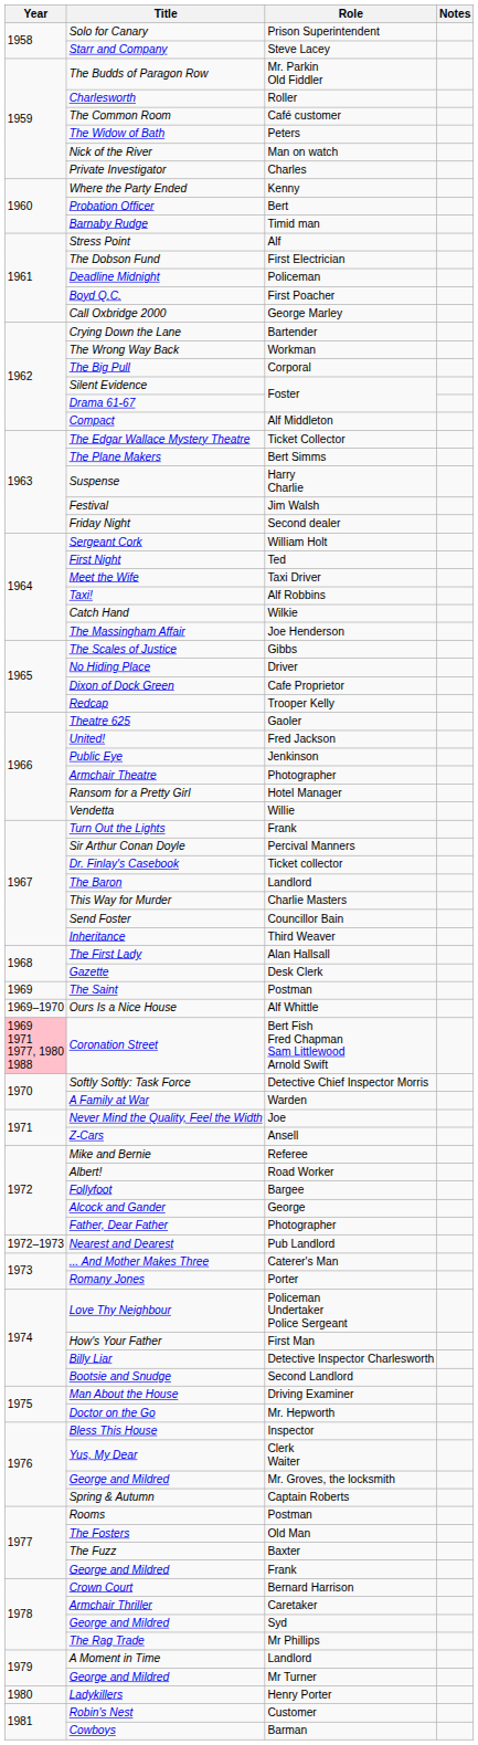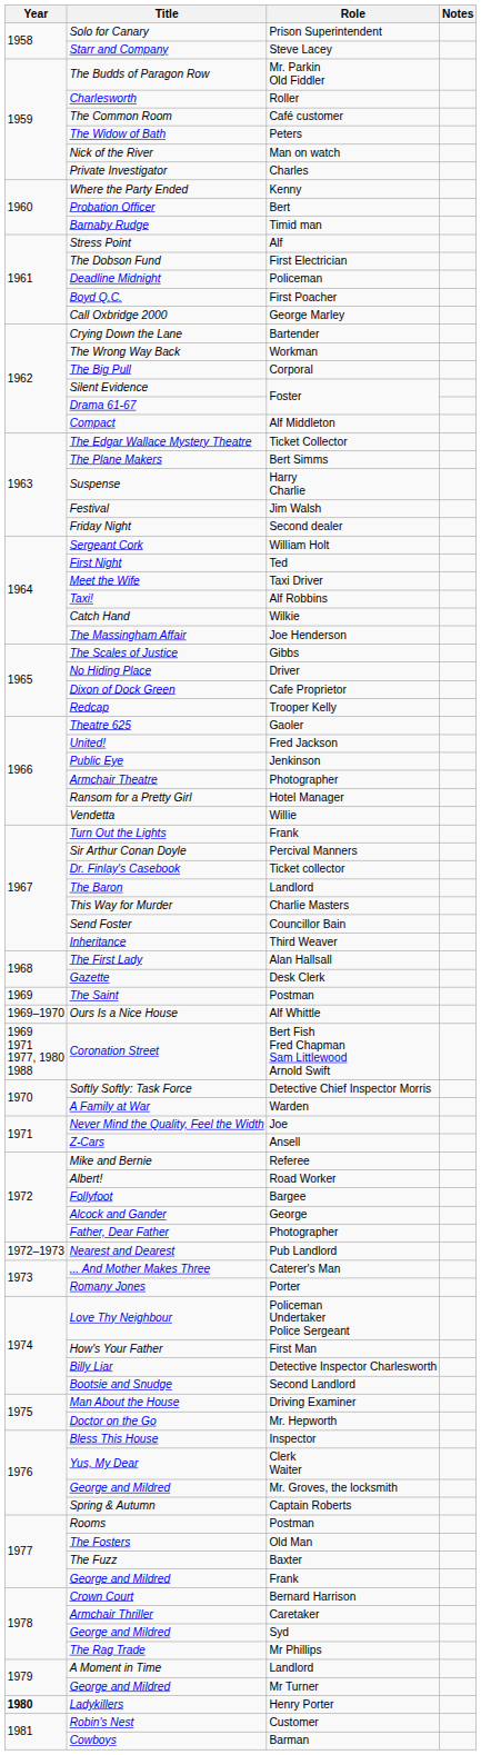 <table class="wikitable">
 <tr>
 <th>Year</th>
 <th>Title</th>
 <th>Role</th>
 <th>Notes</th>
 </tr>
 <tr>
 <td rowspan="2">1958</td>
 <td><em>Solo for Canary</em></td>
 <td>Prison Superintendent</td>
 <td></td>
 </tr>
 <tr>
 <td><em><a href='#'>Starr and Company</a></em></td>
 <td>Steve Lacey</td>
 <td></td>
 </tr>
 <tr>
 <td rowspan="6">1959</td>
 <td><em>The Budds of Paragon Row </em></td>
 <td>Mr. Parkin<br>Old Fiddler</td>
 <td></td>
 </tr>
 <tr>
 <td><em><a href='#'>Charlesworth</a></em></td>
 <td>Roller</td>
 <td></td>
 </tr>
 <tr>
 <td><em>The Common Room</em></td>
 <td>Café customer</td>
 <td></td>
 </tr>
 <tr>
 <td><em><a href='#'>The Widow of Bath</a></em></td>
 <td>Peters</td>
 <td></td>
 </tr>
 <tr>
 <td><em>Nick of the River</em></td>
 <td>Man on watch</td>
 <td></td>
 </tr>
 <tr>
 <td><em>Private Investigator</em></td>
 <td>Charles</td>
 <td></td>
 </tr>
 <tr>
 <td rowspan="3">1960</td>
 <td><em>Where the Party Ended</em></td>
 <td>Kenny</td>
 <td></td>
 </tr>
 <tr>
 <td><em><a href='#'>Probation Officer</a></em></td>
 <td>Bert</td>
 <td></td>
 </tr>
 <tr>
 <td><em><a href='#'>Barnaby Rudge</a></em></td>
 <td>Timid man</td>
 <td></td>
 </tr>
 <tr>
 <td rowspan="5">1961</td>
 <td><em>Stress Point</em></td>
 <td>Alf</td>
 <td></td>
 </tr>
 <tr>
 <td><em>The Dobson Fund</em></td>
 <td>First Electrician</td>
 <td></td>
 </tr>
 <tr>
 <td><em><a href='#'>Deadline Midnight</a></em></td>
 <td>Policeman</td>
 <td></td>
 </tr>
 <tr>
 <td><em><a href='#'>Boyd Q.C.</a></em></td>
 <td>First Poacher</td>
 <td></td>
 </tr>
 <tr>
 <td><em>Call Oxbridge 2000</em></td>
 <td>George Marley</td>
 <td></td>
 </tr>
 <tr>
 <td rowspan="6">1962</td>
 <td><em>Crying Down the Lane</em></td>
 <td>Bartender</td>
 <td></td>
 </tr>
 <tr>
 <td><em>The Wrong Way Back</em></td>
 <td>Workman</td>
 <td></td>
 </tr>
 <tr>
 <td><em><a href='#'>The Big Pull</a></em></td>
 <td>Corporal</td>
 <td></td>
 </tr>
 <tr>
 <td><em>Silent Evidence</em></td>
 <td rowspan="2">Foster</td>
 <td></td>
 </tr>
 <tr>
 <td><em><a href='#'>Drama 61-67</a></em></td>
 <td></td>
 </tr>
 <tr>
 <td><em><a href='#'>Compact</a></em></td>
 <td>Alf Middleton</td>
 <td></td>
 </tr>
 <tr>
 <td rowspan="5">1963</td>
 <td><em><a href='#'>The Edgar Wallace Mystery Theatre</a></em></td>
 <td>Ticket Collector</td>
 <td></td>
 </tr>
 <tr>
 <td><em><a href='#'>The Plane Makers</a></em></td>
 <td>Bert Simms</td>
 <td></td>
 </tr>
 <tr>
 <td><em>Suspense</em></td>
 <td>Harry<br>Charlie</td>
 <td></td>
 </tr>
 <tr>
 <td><em>Festival</em></td>
 <td>Jim Walsh</td>
 <td></td>
 </tr>
 <tr>
 <td><em>Friday Night</em></td>
 <td>Second dealer</td>
 <td></td>
 </tr>
 <tr>
 <td rowspan="6">1964</td>
 <td><em><a href='#'>Sergeant Cork</a></em></td>
 <td>William Holt</td>
 <td></td>
 </tr>
 <tr>
 <td><em><a href='#'>First Night</a></em></td>
 <td>Ted</td>
 <td></td>
 </tr>
 <tr>
 <td><em><a href='#'>Meet the Wife</a></em></td>
 <td>Taxi Driver</td>
 <td></td>
 </tr>
 <tr>
 <td><em><a href='#'>Taxi!</a></em></td>
 <td>Alf Robbins</td>
 <td></td>
 </tr>
 <tr>
 <td><em>Catch Hand</em></td>
 <td>Wilkie</td>
 <td></td>
 </tr>
 <tr>
 <td><em><a href='#'>The Massingham Affair</a></em></td>
 <td>Joe Henderson</td>
 <td></td>
 </tr>
 <tr>
 <td rowspan="4">1965</td>
 <td><em><a href='#'>The Scales of Justice</a></em></td>
 <td>Gibbs</td>
 <td></td>
 </tr>
 <tr>
 <td><em><a href='#'>No Hiding Place</a></em></td>
 <td>Driver</td>
 <td></td>
 </tr>
 <tr>
 <td><em><a href='#'>Dixon of Dock Green</a></em></td>
 <td>Cafe Proprietor</td>
 <td></td>
 </tr>
 <tr>
 <td><em><a href='#'>Redcap</a></em></td>
 <td>Trooper Kelly</td>
 <td></td>
 </tr>
 <tr>
 <td rowspan="6">1966</td>
 <td><em><a href='#'>Theatre 625</a></em></td>
 <td>Gaoler</td>
 <td></td>
 </tr>
 <tr>
 <td><em><a href='#'>United!</a></em></td>
 <td>Fred Jackson</td>
 <td></td>
 </tr>
 <tr>
 <td><em><a href='#'>Public Eye</a></em></td>
 <td>Jenkinson</td>
 <td></td>
 </tr>
 <tr>
 <td><em><a href='#'>Armchair Theatre</a></em></td>
 <td>Photographer</td>
 <td></td>
 </tr>
 <tr>
 <td><em>Ransom for a Pretty Girl</em></td>
 <td>Hotel Manager</td>
 <td></td>
 </tr>
 <tr>
 <td><em>Vendetta</em></td>
 <td>Willie</td>
 <td></td>
 </tr>
 <tr>
 <td rowspan="7">1967</td>
 <td><em><a href='#'>Turn Out the Lights</a></em></td>
 <td>Frank</td>
 <td></td>
 </tr>
 <tr>
 <td><em>Sir Arthur Conan Doyle</em></td>
 <td>Percival Manners</td>
 <td></td>
 </tr>
 <tr>
 <td><em><a href='#'>Dr. Finlay's Casebook</a></em></td>
 <td>Ticket collector</td>
 <td></td>
 </tr>
 <tr>
 <td><em><a href='#'>The Baron</a></em></td>
 <td>Landlord</td>
 <td></td>
 </tr>
 <tr>
 <td><em>This Way for Murder</em></td>
 <td>Charlie Masters</td>
 <td></td>
 </tr>
 <tr>
 <td><em>Send Foster</em></td>
 <td>Councillor Bain</td>
 <td></td>
 </tr>
 <tr>
 <td><em><a href='#'>Inheritance</a></em></td>
 <td>Third Weaver</td>
 <td></td>
 </tr>
 <tr>
 <td rowspan="2">1968</td>
 <td><em><a href='#'>The First Lady</a></em></td>
 <td>Alan Hallsall</td>
 <td></td>
 </tr>
 <tr>
 <td><em><a href='#'>Gazette</a></em></td>
 <td>Desk Clerk</td>
 <td></td>
 </tr>
 <tr>
 <td>1969</td>
 <td><em><a href='#'>The Saint</a></em></td>
 <td>Postman</td>
 <td></td>
 </tr>
 <tr>
 <td>1969–1970</td>
 <td><em>Ours Is a Nice House</em></td>
 <td>Alf Whittle</td>
 <td></td>
 </tr>
 <tr>
-<td style="background: pink;">1969<br>1971<br>1977, 1980<br>1988</td>
+<td>1969<br>1971<br>1977, 1980<br>1988</td>
 <td><em><a href='#'>Coronation Street</a></em></td>
 <td>Bert Fish<br>Fred Chapman<br><a href='#'>Sam Littlewood</a><br>Arnold Swift</td>
 <td></td>
 </tr>
 <tr>
 <td rowspan="2">1970</td>
 <td><em>Softly Softly: Task Force</em></td>
 <td>Detective Chief Inspector Morris</td>
 <td></td>
 </tr>
 <tr>
 <td><em><a href='#'>A Family at War</a></em></td>
 <td>Warden</td>
 <td></td>
 </tr>
 <tr>
 <td rowspan="2">1971</td>
 <td><em><a href='#'>Never Mind the Quality, Feel the Width</a></em></td>
 <td>Joe</td>
 <td></td>
 </tr>
 <tr>
 <td><em><a href='#'>Z-Cars</a></em></td>
 <td>Ansell</td>
 <td></td>
 </tr>
 <tr>
 <td rowspan="5">1972</td>
 <td><em>Mike and Bernie</em></td>
 <td>Referee</td>
 <td></td>
 </tr>
 <tr>
 <td><em>Albert!</em></td>
 <td>Road Worker</td>
 <td></td>
 </tr>
 <tr>
 <td><em><a href='#'>Follyfoot</a></em></td>
 <td>Bargee</td>
 <td></td>
 </tr>
 <tr>
 <td><em><a href='#'>Alcock and Gander</a></em></td>
 <td>George</td>
 <td></td>
 </tr>
 <tr>
 <td><em><a href='#'>Father, Dear Father</a></em></td>
 <td>Photographer</td>
 <td></td>
 </tr>
 <tr>
 <td>1972–1973</td>
 <td><em><a href='#'>Nearest and Dearest</a></em></td>
 <td>Pub Landlord</td>
 <td></td>
 </tr>
 <tr>
 <td rowspan="2">1973</td>
 <td><em><a href='#'>... And Mother Makes Three</a></em></td>
 <td>Caterer's Man</td>
 <td></td>
 </tr>
 <tr>
 <td><em><a href='#'>Romany Jones</a></em></td>
 <td>Porter</td>
 <td></td>
 </tr>
 <tr>
 <td rowspan="4">1974</td>
 <td><em><a href='#'>Love Thy Neighbour</a></em></td>
 <td>Policeman<br>Undertaker<br>Police Sergeant</td>
 <td></td>
 </tr>
 <tr>
 <td><em>How's Your Father</em></td>
 <td>First Man</td>
 <td></td>
 </tr>
 <tr>
 <td><em><a href='#'>Billy Liar</a></em></td>
 <td>Detective Inspector Charlesworth</td>
 <td></td>
 </tr>
 <tr>
 <td><em><a href='#'>Bootsie and Snudge</a></em></td>
 <td>Second Landlord</td>
 <td></td>
 </tr>
 <tr>
 <td rowspan="2">1975</td>
 <td><em><a href='#'>Man About the House</a></em></td>
 <td>Driving Examiner</td>
 <td></td>
 </tr>
 <tr>
 <td><em><a href='#'>Doctor on the Go</a></em></td>
 <td>Mr. Hepworth</td>
 <td></td>
 </tr>
 <tr>
 <td rowspan="4">1976</td>
 <td><em><a href='#'>Bless This House</a></em></td>
 <td>Inspector</td>
 <td></td>
 </tr>
 <tr>
 <td><em><a href='#'>Yus, My Dear</a></em></td>
 <td>Clerk<br>Waiter</td>
 <td></td>
 </tr>
 <tr>
 <td><em><a href='#'>George and Mildred</a></em></td>
 <td>Mr. Groves, the locksmith</td>
 <td></td>
 </tr>
 <tr>
 <td><em>Spring & Autumn</em></td>
 <td>Captain Roberts</td>
 <td></td>
 </tr>
 <tr>
 <td rowspan="4">1977</td>
 <td><em>Rooms</em></td>
 <td>Postman</td>
 <td></td>
 </tr>
 <tr>
 <td><em><a href='#'>The Fosters</a></em></td>
 <td>Old Man</td>
 <td></td>
 </tr>
 <tr>
 <td><em>The Fuzz</em></td>
 <td>Baxter</td>
 <td></td>
 </tr>
 <tr>
 <td><em><a href='#'>George and Mildred</a></em></td>
 <td>Frank</td>
 <td></td>
 </tr>
 <tr>
 <td rowspan="4">1978</td>
 <td><em><a href='#'>Crown Court</a></em></td>
 <td>Bernard Harrison</td>
 <td></td>
 </tr>
 <tr>
 <td><em><a href='#'>Armchair Thriller</a></em></td>
 <td>Caretaker</td>
 <td></td>
 </tr>
 <tr>
 <td><em><a href='#'>George and Mildred</a></em></td>
 <td>Syd</td>
 <td></td>
 </tr>
 <tr>
 <td><em><a href='#'>The Rag Trade</a></em></td>
 <td>Mr Phillips</td>
 <td></td>
 </tr>
 <tr>
 <td rowspan="2">1979</td>
 <td><em>A Moment in Time</em></td>
 <td>Landlord</td>
 <td></td>
 </tr>
 <tr>
 <td><em><a href='#'>George and Mildred</a></em></td>
 <td>Mr Turner</td>
 <td></td>
 </tr>
 <tr>
-<td>1980</td>
+<td><strong>1980</strong></td>
 <td><em><a href='#'>Ladykillers</a></em></td>
 <td>Henry Porter</td>
 <td></td>
 </tr>
 <tr>
 <td rowspan="2">1981</td>
 <td><em><a href='#'>Robin's Nest</a></em></td>
 <td>Customer</td>
 <td></td>
 </tr>
 <tr>
 <td><em><a href='#'>Cowboys</a></em></td>
 <td>Barman</td>
 <td></td>
 </tr>
 </table>
